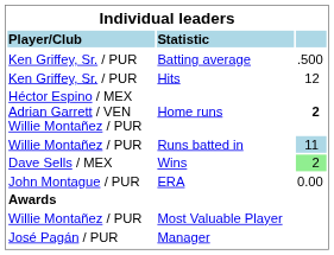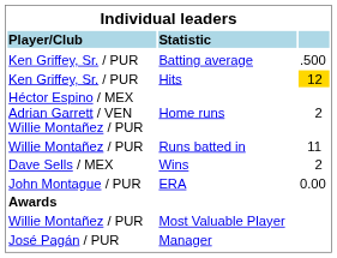 <table cellpadding="1" width="350px" style="font-size: 90%; border: 1px solid gray;">
 <tr align="center" style="font-size: larger;">
 <td colspan="6"><strong>Individual leaders</strong></td>
 </tr>
 <tr style="background:lightblue;">
 <td><strong>Player/Club</strong></td>
 <td><strong>Statistic</strong></td>
 <td></td>
 </tr>
 <tr align="center" style="vertical-align: middle;" style="background:lightblue;">
 </tr>
 <tr>
 <td><a href='#'>Ken Griffey, Sr.</a> / PUR</td>
 <td><a href='#'>Batting average</a></td>
 <td>.500</td>
 </tr>
 <tr>
 <td><a href='#'>Ken Griffey, Sr.</a> / PUR</td>
 <td><a href='#'>Hits</a></td>
-<td>  12</td>
+<td style="background: gold;">  12</td>
 </tr>
 <tr>
 <td><a href='#'>Héctor Espino</a> / MEX <br> <a href='#'>Adrian Garrett</a> / VEN <br> <a href='#'>Willie Montañez</a> / PUR</td>
 <td><a href='#'>Home runs</a></td>
-<td><strong>     2</strong></td>
+<td>     2</td>
 </tr>
 <tr>
 <td><a href='#'>Willie Montañez</a> / PUR</td>
 <td><a href='#'>Runs batted in</a></td>
-<td style="background: lightblue;">  11</td>
+<td>  11</td>
 </tr>
 <tr>
 <td><a href='#'>Dave Sells</a> / MEX</td>
 <td><a href='#'>Wins</a></td>
-<td style="background: lightgreen;">     2</td>
+<td>     2</td>
 </tr>
 <tr>
 <td><a href='#'>John Montague</a> / PUR</td>
 <td><a href='#'>ERA</a></td>
 <td>0.00</td>
 </tr>
 <tr>
 <td><strong>Awards</strong></td>
 </tr>
 <tr>
 <td><a href='#'>Willie Montañez</a> / PUR</td>
 <td><a href='#'>Most Valuable Player</a></td>
 </tr>
 <tr>
 <td><a href='#'>José Pagán</a> / PUR</td>
 <td><a href='#'>Manager</a></td>
 </tr>
 <tr>
 </tr>
 </table>
